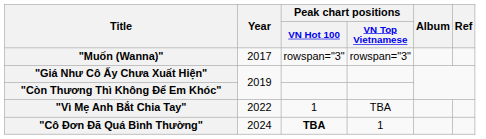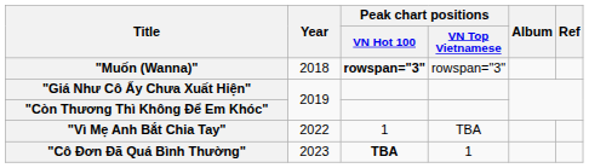 <table class="wikitable plainrowheaders" style="text-align:center;">
 <tr>
 <th scope="col" style="width:21em;" rowspan="2">Title</th>
 <th scope="col" style="width:3.5em;" rowspan="2">Year</th>
 <th colspan="2">Peak chart positions</th>
 <th rowspan="2">Album</th>
 <th scope="col" class="unsortable" rowspan="2">Ref</th>
 </tr>
 <tr>
 <th style="width:4em;font-size:90%;"><a href='#'>VN Hot 100</a><br></th>
 <th style="width:4em;font-size:90%;"><a href='#'>VN Top Vietnamese</a><br></th>
 </tr>
 <tr>
 <th scope="row">"Muốn (Wanna)"</th>
-<td>2017</td>
-<td>rowspan="3" </td>
+<td>2018</td>
+<td><strong>rowspan="3" </strong></td>
 <td>rowspan="3" </td>
 <td></td>
 <td></td>
 </tr>
 <tr>
 <th scope="row">"Giá Như Cô Ấy Chưa Xuất Hiện"</th>
 <td rowspan="2">2019</td>
 <td></td>
 <td></td>
 </tr>
 <tr>
 <th scope="row">"Còn Thương Thì Không Để Em Khóc"</th>
 <td></td>
 <td></td>
 </tr>
 <tr>
 <th scope="row">"Vì Mẹ Anh Bắt Chia Tay" </th>
 <td>2022</td>
 <td>1</td>
 <td>TBA</td>
 <td></td>
 <td></td>
 </tr>
 <tr>
 <th scope="row">"Cô Đơn Đã Quá Bình Thường"</th>
-<td>2024</td>
+<td>2023</td>
 <td><strong>TBA</strong></td>
 <td>1</td>
 <td></td>
 <td></td>
 </tr>
 </table>
